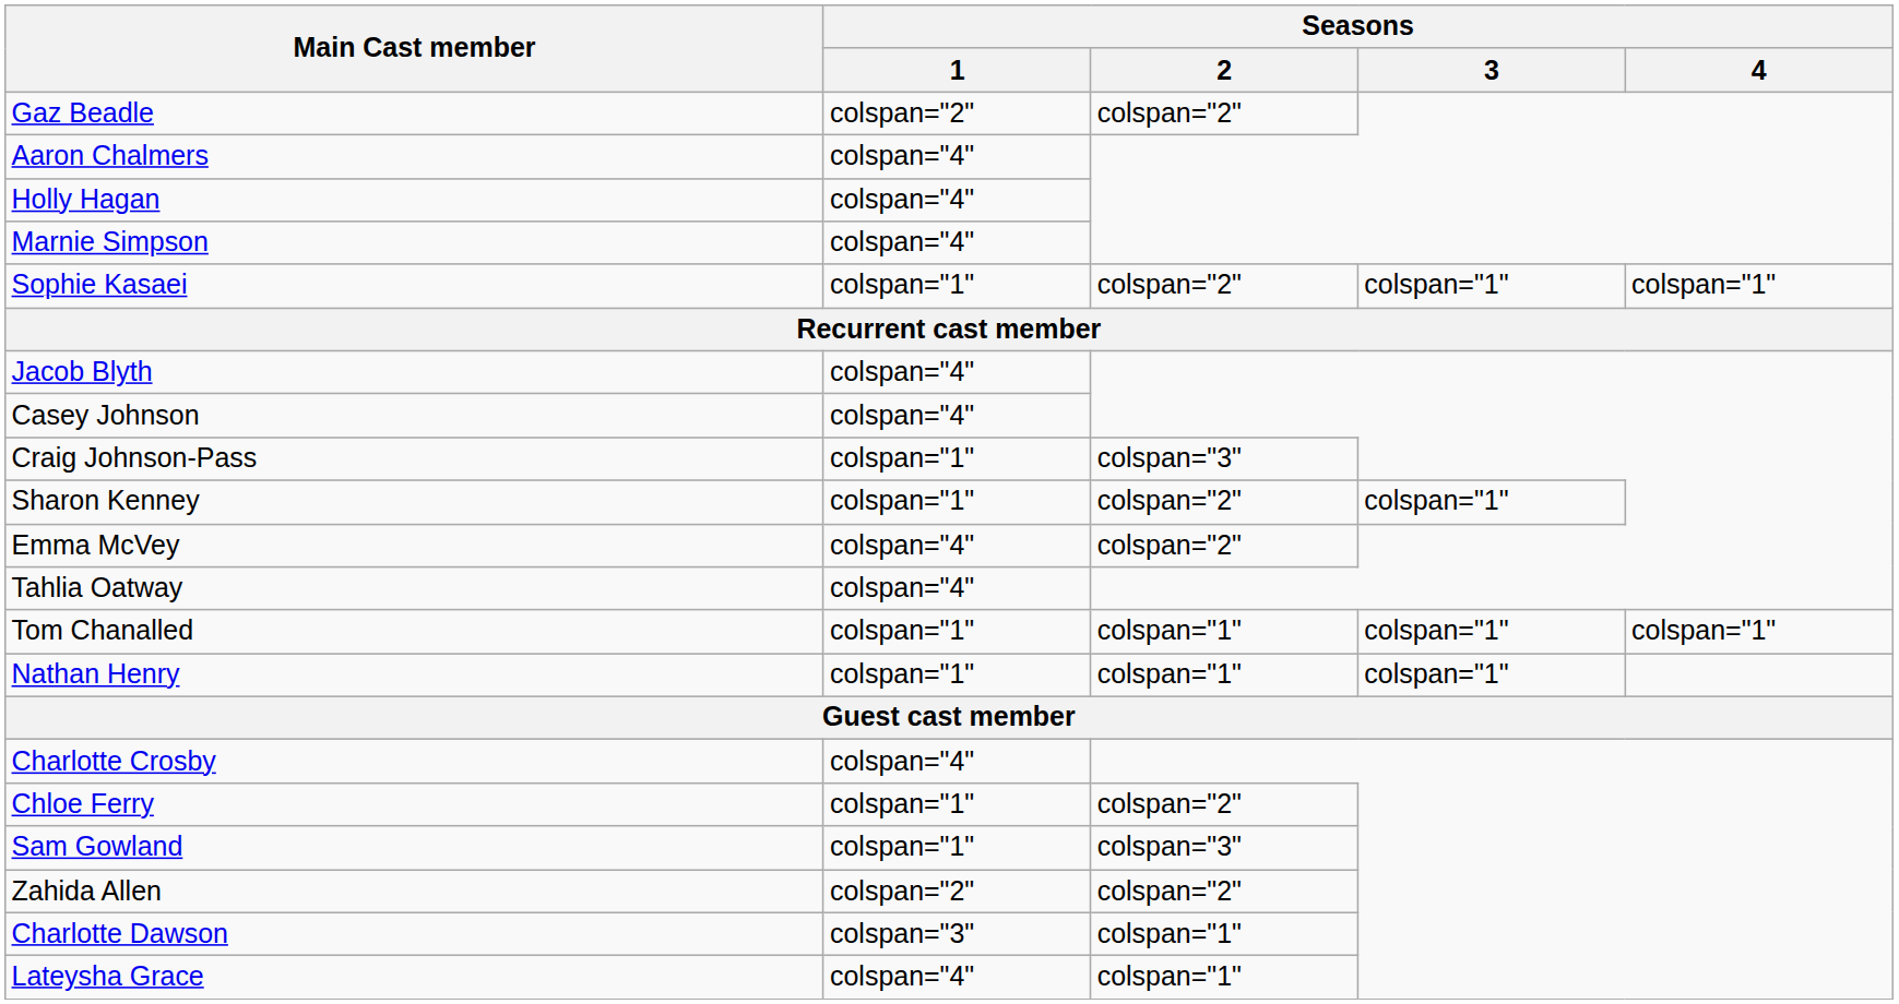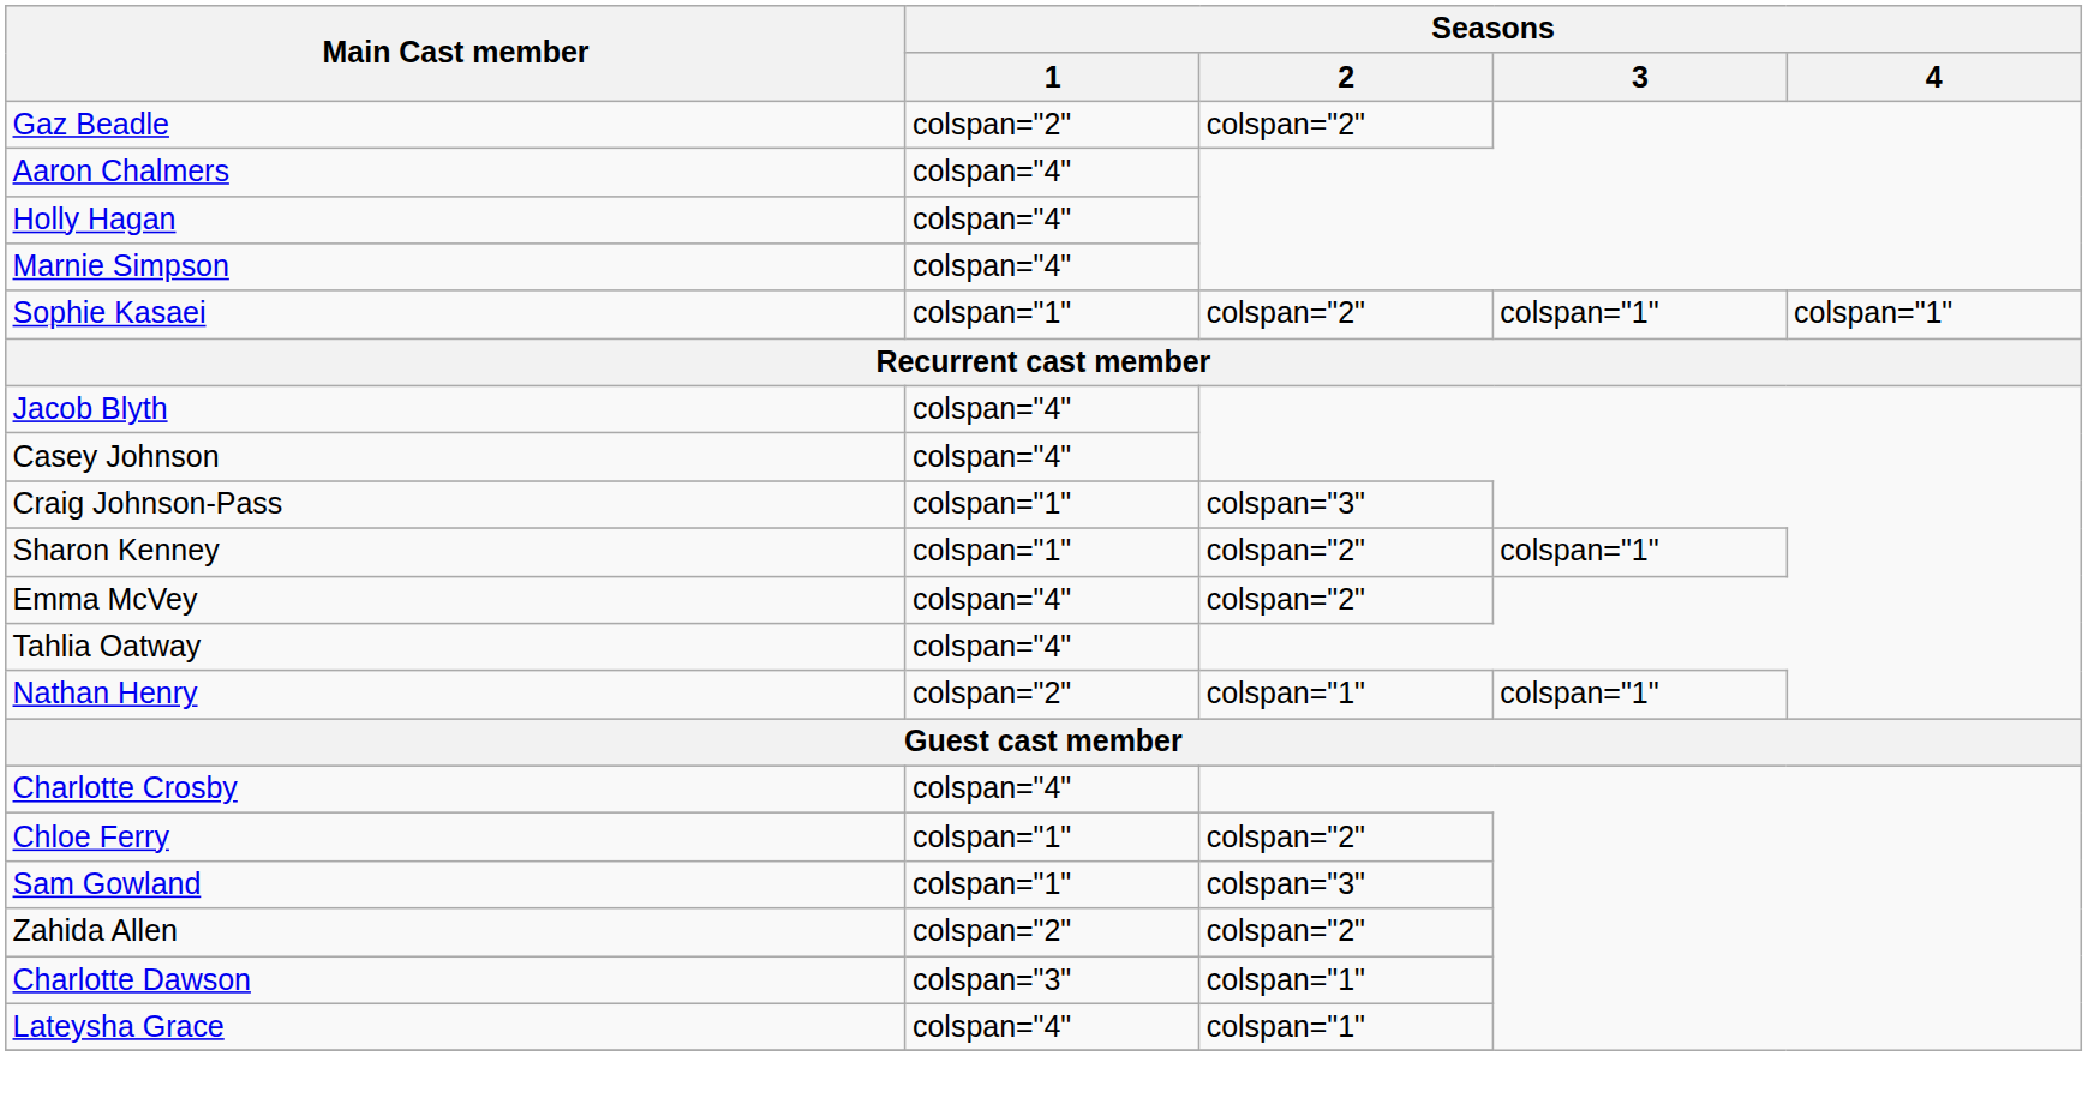 <table class="wikitable plainrowheaders" width="70%">
 <tr>
 <th scope="col" rowspan="2" style="width:20%;">Main Cast member</th>
 <th scope="col" colspan="4">Seasons</th>
 </tr>
 <tr>
 <th scope="col" style="width:5%;">1</th>
 <th scope="col" style="width:5%;">2</th>
 <th scope="col" style="width:5%;">3</th>
 <th scope="col" style="width:5%;">4</th>
 </tr>
 <tr>
 <td scope="row"><a href='#'>Gaz Beadle</a></td>
 <td>colspan="2" </td>
 <td>colspan="2" </td>
 </tr>
 <tr>
 <td scope="row"><a href='#'>Aaron Chalmers</a></td>
 <td>colspan="4" </td>
 </tr>
 <tr>
 <td scope="row"><a href='#'>Holly Hagan</a></td>
 <td>colspan="4" </td>
 </tr>
 <tr>
 <td scope="row"><a href='#'>Marnie Simpson</a></td>
 <td>colspan="4" </td>
 </tr>
 <tr>
 <td scope="row"><a href='#'>Sophie Kasaei</a></td>
 <td>colspan="1" </td>
 <td>colspan="2" </td>
 <td>colspan="1" </td>
 <td>colspan="1" </td>
 </tr>
 <tr>
 <th scope="col" colspan="5">Recurrent cast member</th>
 </tr>
 <tr>
 <td scope="row"><a href='#'>Jacob Blyth</a></td>
 <td>colspan="4" </td>
 </tr>
 <tr>
 <td scope="row">Casey Johnson</td>
 <td>colspan="4" </td>
 </tr>
 <tr>
 <td scope="row">Craig Johnson-Pass</td>
 <td>colspan="1" </td>
 <td>colspan="3" </td>
 </tr>
 <tr>
 <td scope="row">Sharon Kenney</td>
 <td>colspan="1" </td>
 <td>colspan="2" </td>
 <td>colspan="1" </td>
 </tr>
 <tr>
 <td scope="row">Emma McVey</td>
 <td>colspan="4" </td>
 <td>colspan="2" </td>
 </tr>
 <tr>
 <td scope="row">Tahlia Oatway</td>
 <td>colspan="4" </td>
 </tr>
 <tr>
-<td scope="row">Tom Chanalled</td>
-<td>colspan="1" </td>
-<td>colspan="1" </td>
-<td>colspan="1" </td>
-<td>colspan="1" </td>
-</tr>
-<tr>
 <td scope="row"><a href='#'>Nathan Henry</a></td>
-<td>colspan="1" </td>
+<td>colspan="2" </td>
 <td>colspan="1" </td>
 <td>colspan="1" </td>
 </tr>
 <tr>
 <th scope="col" colspan="5">Guest cast member</th>
 </tr>
 <tr>
 <td scope="row"><a href='#'>Charlotte Crosby</a></td>
 <td>colspan="4" </td>
 </tr>
 <tr>
 <td scope="row"><a href='#'>Chloe Ferry</a></td>
 <td>colspan="1" </td>
 <td>colspan="2" </td>
 </tr>
 <tr>
 <td scope="row"><a href='#'>Sam Gowland</a></td>
 <td>colspan="1" </td>
 <td>colspan="3" </td>
 </tr>
 <tr>
 <td scope="row">Zahida Allen</td>
 <td>colspan="2" </td>
 <td>colspan="2" </td>
 </tr>
 <tr>
 <td scope="row"><a href='#'>Charlotte Dawson</a></td>
 <td>colspan="3" </td>
 <td>colspan="1" </td>
 </tr>
 <tr>
 <td scope="row"><a href='#'>Lateysha Grace</a></td>
 <td>colspan="4" </td>
 <td>colspan="1" </td>
 </tr>
 <tr>
 </tr>
 </table>
